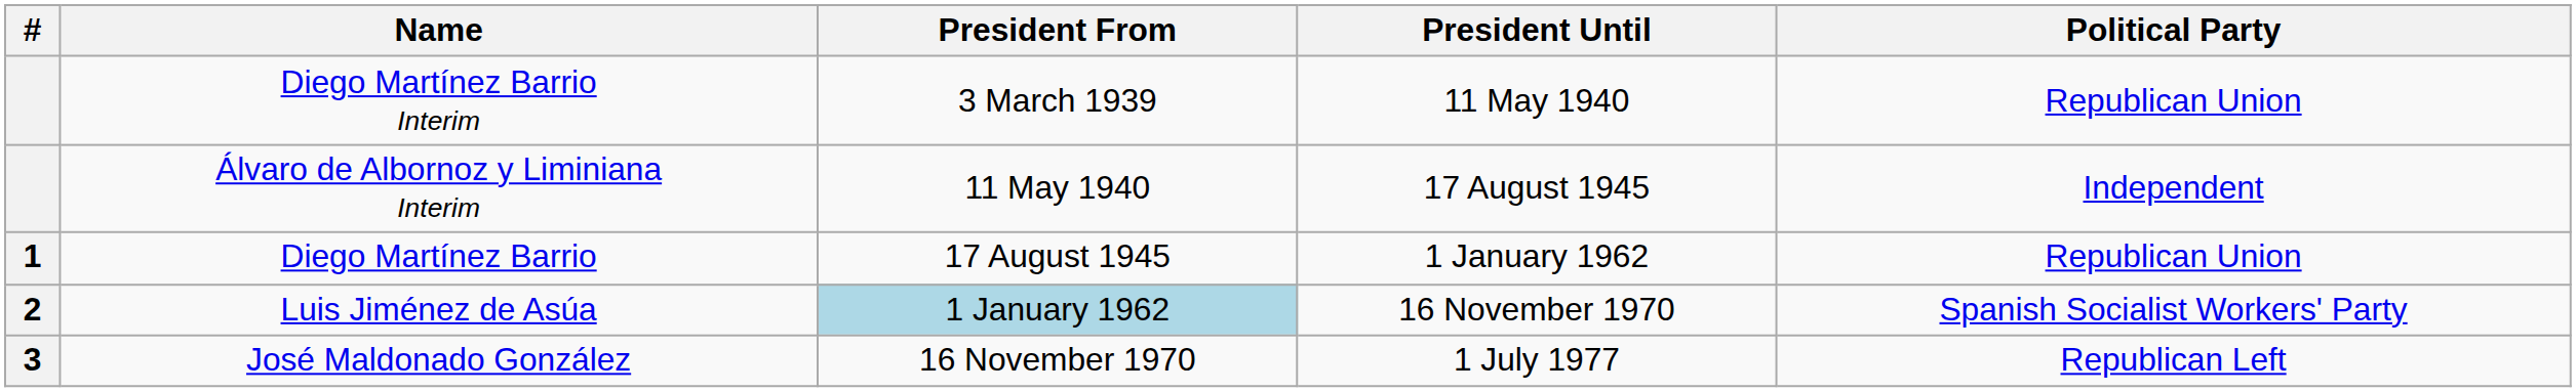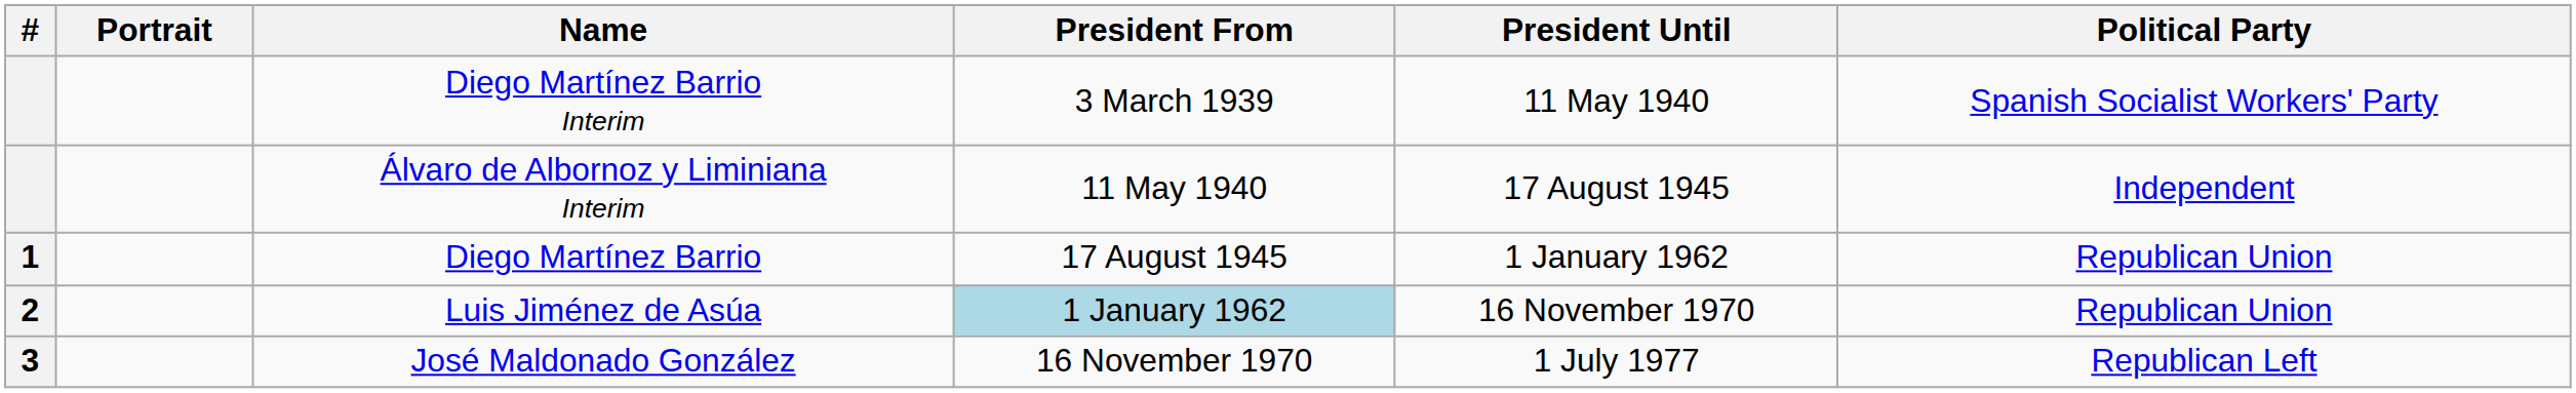 <table style="text-align:center; width:100%" class="wikitable">
 <tr>
 <th>#</th>
+<th>Portrait</th>
 <th>Name</th>
 <th>President From</th>
 <th>President Until</th>
 <th>Political Party</th>
 </tr>
 <tr>
 <th style="background:"></th>
+<td></td>
 <td><a href='#'>Diego Martínez Barrio</a><em><br><small>Interim</small></em></td>
 <td>3 March 1939</td>
 <td>11 May 1940</td>
-<td><a href='#'>Republican Union</a></td>
+<td><a href='#'>Spanish Socialist Workers' Party</a></td>
 </tr>
 <tr>
 <th style="background:"></th>
+<td></td>
 <td><a href='#'>Álvaro de Albornoz y Liminiana</a> <em><br><small>Interim</small></em></td>
 <td>11 May 1940</td>
 <td>17 August 1945</td>
 <td><a href='#'>Independent</a></td>
 </tr>
 <tr>
 <th style="background:">1</th>
+<td></td>
 <td><a href='#'>Diego Martínez Barrio</a></td>
 <td>17 August 1945</td>
 <td>1 January 1962</td>
 <td><a href='#'>Republican Union</a></td>
 </tr>
 <tr>
 <th style="background:">2</th>
+<td></td>
 <td><a href='#'>Luis Jiménez de Asúa</a></td>
 <td style="background: lightblue;">1 January 1962</td>
 <td>16 November 1970</td>
-<td><a href='#'>Spanish Socialist Workers' Party</a></td>
+<td><a href='#'>Republican Union</a></td>
 </tr>
 <tr>
 <th style="background:">3</th>
+<td></td>
 <td><a href='#'>José Maldonado González</a></td>
 <td>16 November 1970</td>
 <td>1 July 1977</td>
 <td><a href='#'>Republican Left</a></td>
 </tr>
 </table>
